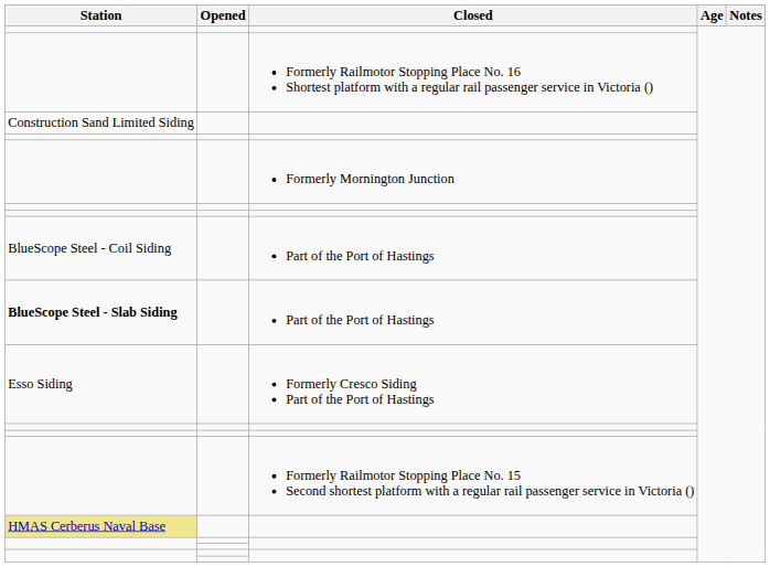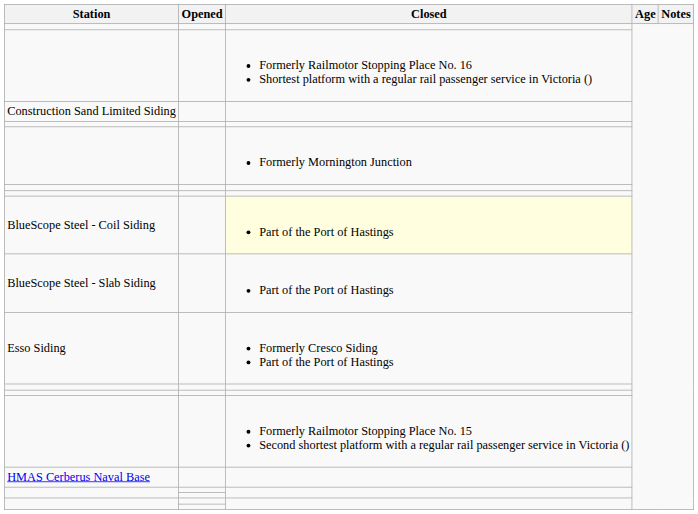 <table class="wikitable sortable mw-collapsible mw-collapsed">
 <tr>
 <th>Station</th>
 <th>Opened</th>
 <th>Closed</th>
 <th>Age</th>
 <th scope=col class=unsortable>Notes</th>
 </tr>
 <tr>
 <td></td>
 <td></td>
 <td></td>
 </tr>
 <tr>
 <td></td>
 <td></td>
 <td><br><ul><li>Formerly Railmotor Stopping Place No. 16</li><li>Shortest platform with a regular rail passenger service in Victoria ()</li></ul></td>
 </tr>
 <tr>
 <td>Construction Sand Limited Siding</td>
 <td></td>
 <td></td>
 </tr>
 <tr>
 <td></td>
 <td></td>
 <td></td>
 </tr>
 <tr>
 <td></td>
 <td></td>
 <td><br><ul><li>Formerly Mornington Junction</li></ul></td>
 </tr>
 <tr>
 <td></td>
 <td></td>
 <td></td>
 </tr>
 <tr>
 <td></td>
 <td></td>
 <td></td>
 </tr>
 <tr>
 <td>BlueScope Steel - Coil Siding</td>
 <td></td>
-<td><br><ul><li>Part of the Port of Hastings</li></ul></td>
+<td style="background: lightyellow;"><br><ul><li>Part of the Port of Hastings</li></ul></td>
 </tr>
 <tr>
-<td><strong>BlueScope Steel - Slab Siding</strong></td>
+<td>BlueScope Steel - Slab Siding</td>
 <td></td>
 <td><br><ul><li>Part of the Port of Hastings</li></ul></td>
 </tr>
 <tr>
 <td>Esso Siding</td>
 <td></td>
 <td><br><ul><li>Formerly Cresco Siding</li><li>Part of the Port of Hastings</li></ul></td>
 </tr>
 <tr>
 <td></td>
 <td></td>
 <td></td>
 </tr>
 <tr>
 <td></td>
 <td></td>
 <td></td>
 </tr>
 <tr>
 <td></td>
 <td></td>
 <td><br><ul><li>Formerly Railmotor Stopping Place No. 15</li><li>Second shortest platform with a regular rail passenger service in Victoria ()</li></ul></td>
 </tr>
 <tr>
-<td style="background: khaki;"><a href='#'>HMAS Cerberus Naval Base</a></td>
+<td><a href='#'>HMAS Cerberus Naval Base</a></td>
 <td></td>
 <td></td>
 </tr>
 <tr>
 <td rowspan="2"></td>
 <td></td>
 <td rowspan="2"></td>
 </tr>
 <tr>
 <td></td>
 </tr>
 <tr>
 <td rowspan="2"></td>
 <td></td>
 <td rowspan="2"></td>
 </tr>
 <tr>
 <td></td>
 </tr>
 </table>
